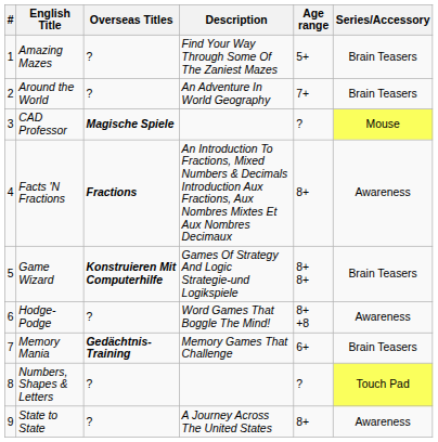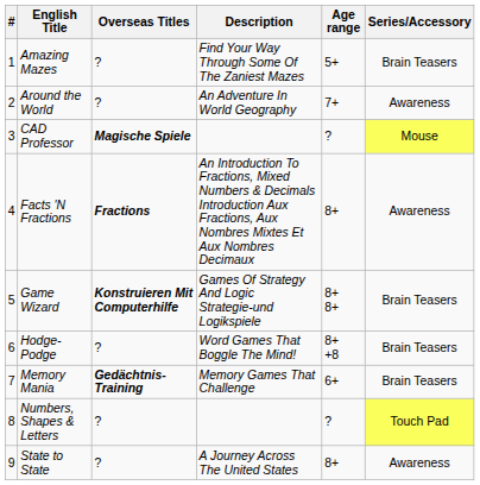 <table class="wikitable sortable" border="1" id="vtechsocrates">
 <tr>
 <th scope="col">#</th>
 <th scope="col">English Title</th>
 <th scope="col">Overseas Titles</th>
 <th scope="col">Description</th>
 <th scope="col">Age range</th>
 <th scope="col">Series/Accessory</th>
 </tr>
 <tr>
 <td>1</td>
 <td><em>Amazing Mazes</em></td>
 <td>?</td>
 <td><em>Find Your Way Through Some Of The Zaniest Mazes</em></td>
 <td>5+</td>
 <td style="text-align: center;">Brain Teasers</td>
 </tr>
 <tr>
 <td>2</td>
 <td><em>Around the World</em></td>
 <td>?</td>
 <td><em>An Adventure In World Geography</em></td>
 <td>7+</td>
-<td style="text-align: center;">Brain Teasers</td>
+<td style="text-align: center;">Awareness</td>
 </tr>
 <tr>
 <td>3</td>
 <td><em>CAD Professor</em></td>
 <td> <strong><em>Magische Spiele</em></strong></td>
 <td></td>
 <td>?</td>
 <td style="background:#FAFF5C; text-align: center; ">Mouse</td>
 </tr>
 <tr>
 <td>4</td>
 <td><em>Facts 'N Fractions</em></td>
 <td> <strong><em>Fractions</em></strong></td>
 <td><em>An Introduction To Fractions, Mixed Numbers & Decimals</em><br><em>Introduction Aux Fractions, Aux Nombres Mixtes Et Aux Nombres Decimaux</em></td>
 <td>8+</td>
 <td style="text-align: center;">Awareness</td>
 </tr>
 <tr>
 <td>5</td>
 <td><em>Game Wizard</em></td>
 <td> <strong><em>Konstruieren Mit Computerhilfe</em></strong></td>
 <td><em>Games Of Strategy And Logic</em><br><em>Strategie-und Logikspiele</em></td>
 <td>8+<br>8+</td>
 <td style="text-align: center;">Brain Teasers</td>
 </tr>
 <tr>
 <td>6</td>
 <td><em>Hodge-Podge</em></td>
 <td>?</td>
 <td><em>Word Games That Boggle The Mind!</em></td>
 <td>8+<br>+8</td>
-<td style="text-align: center;">Awareness</td>
+<td style="text-align: center;">Brain Teasers</td>
 </tr>
 <tr>
 <td>7</td>
 <td><em>Memory Mania</em></td>
 <td> <strong><em>Gedächtnis-Training</em></strong></td>
 <td><em>Memory Games That Challenge</em></td>
 <td>6+</td>
 <td style="text-align: center;">Brain Teasers</td>
 </tr>
 <tr>
 <td>8</td>
 <td><em>Numbers, Shapes & Letters</em></td>
 <td>?</td>
 <td></td>
 <td>?</td>
 <td style="background:#FAFF5C; text-align: center; ">Touch Pad</td>
 </tr>
 <tr>
 <td>9</td>
 <td><em>State to State</em></td>
 <td>?</td>
 <td><em>A Journey Across The United States</em></td>
 <td>8+</td>
 <td style="text-align: center;">Awareness</td>
 </tr>
 </table>
